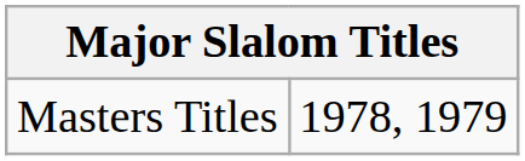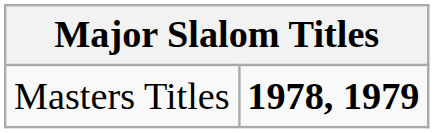 <table class="wikitable">
 <tr>
 <th colspan="2">Major Slalom Titles</th>
 </tr>
 <tr>
 <td>Masters Titles</td>
-<td>1978, 1979</td>
+<td><strong>1978, 1979</strong></td>
 </tr>
 </table>
